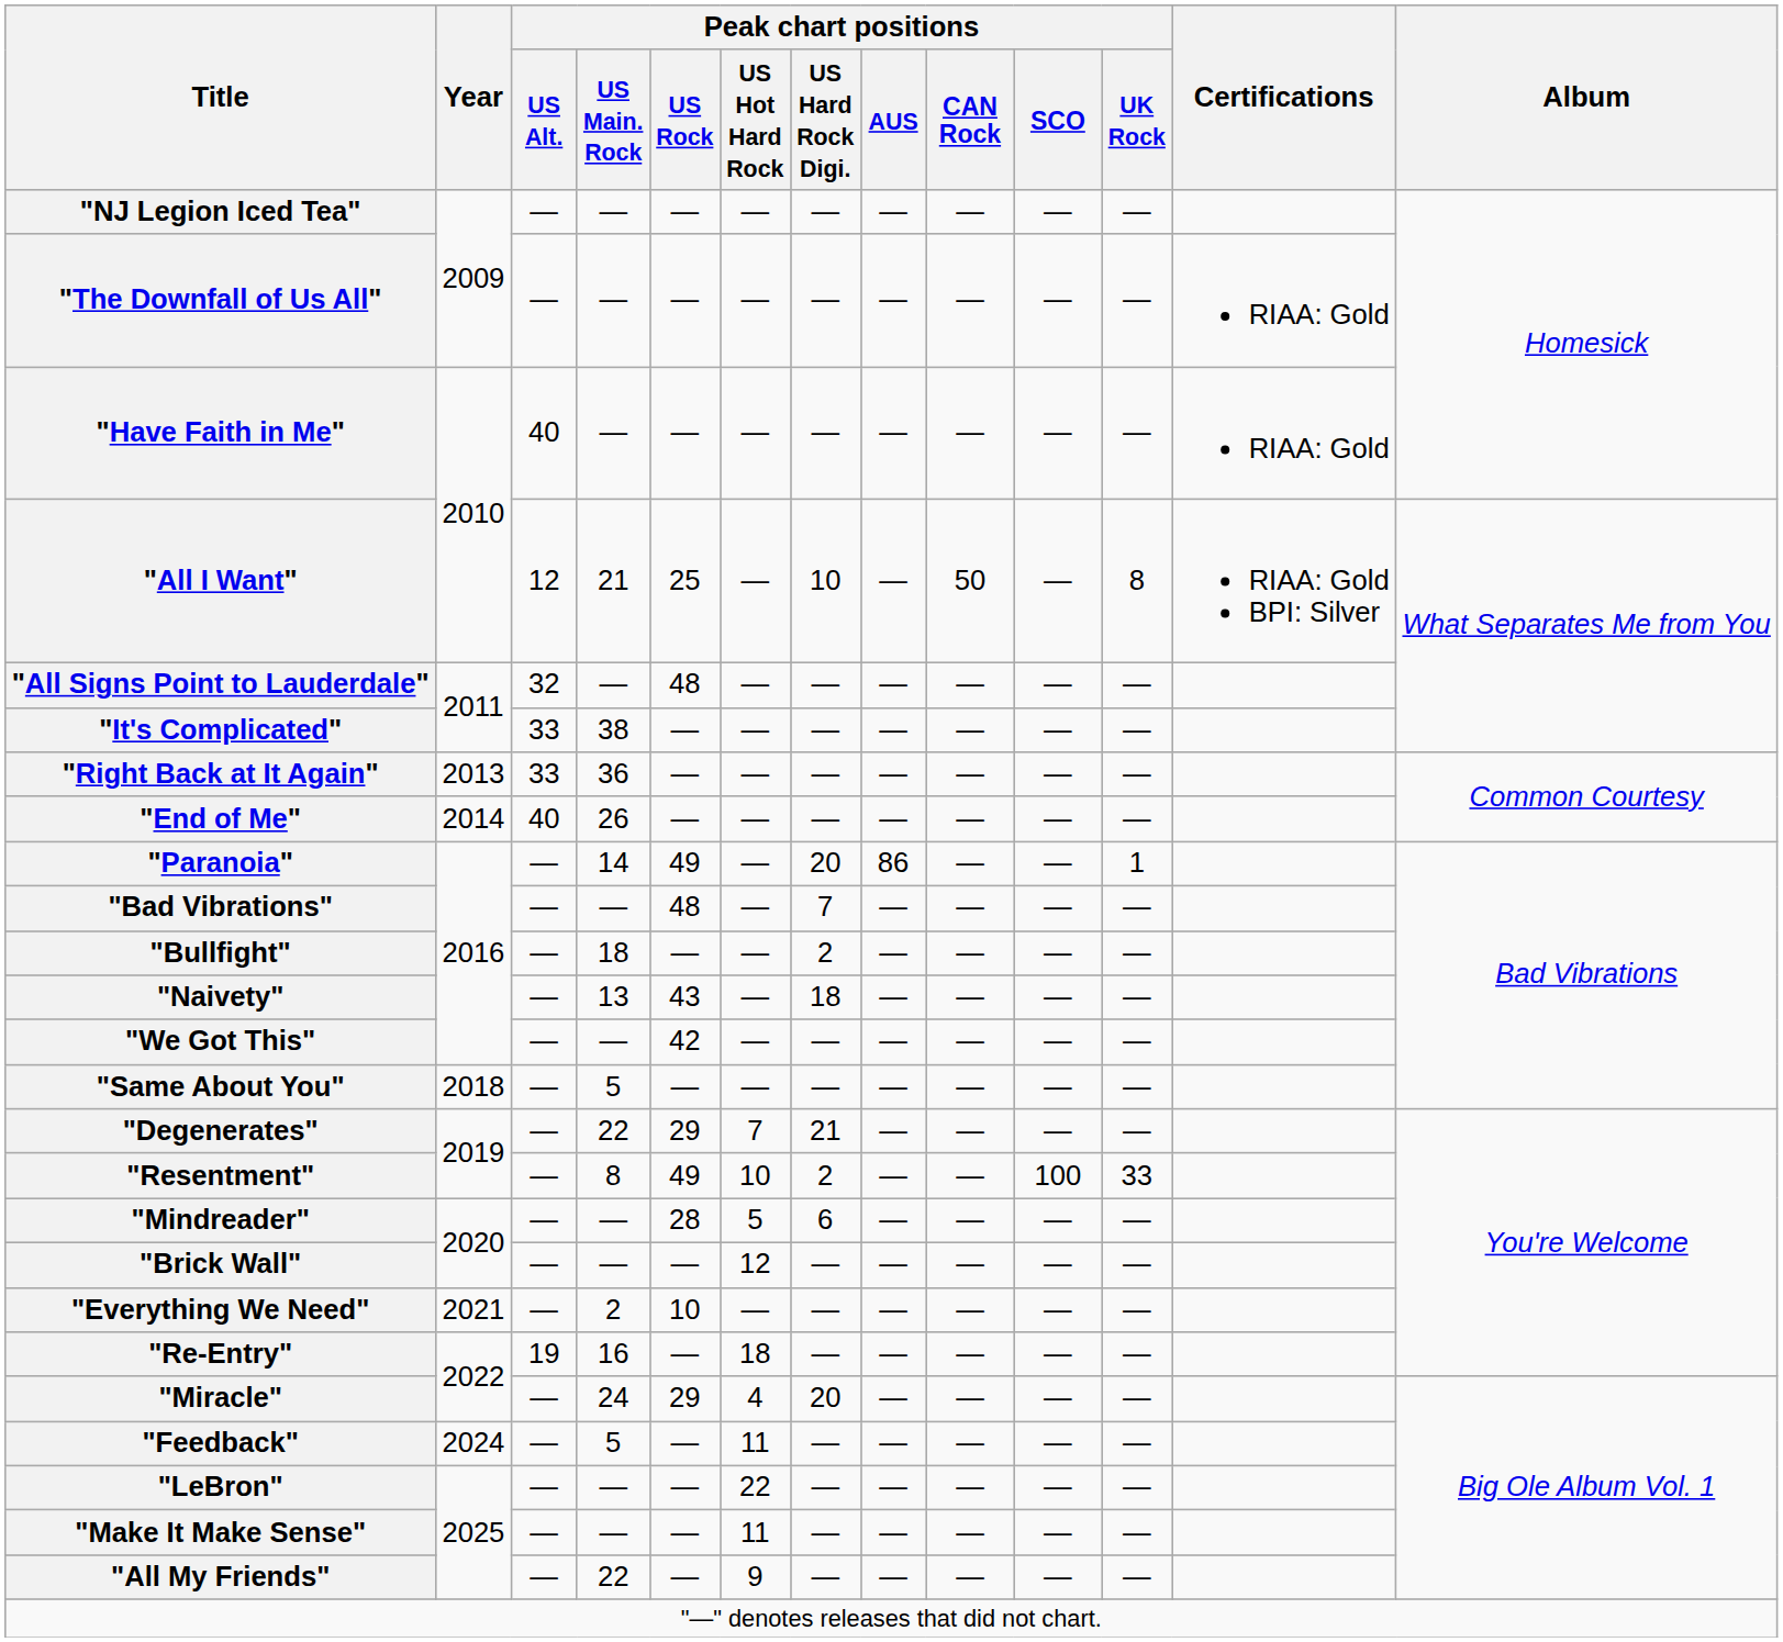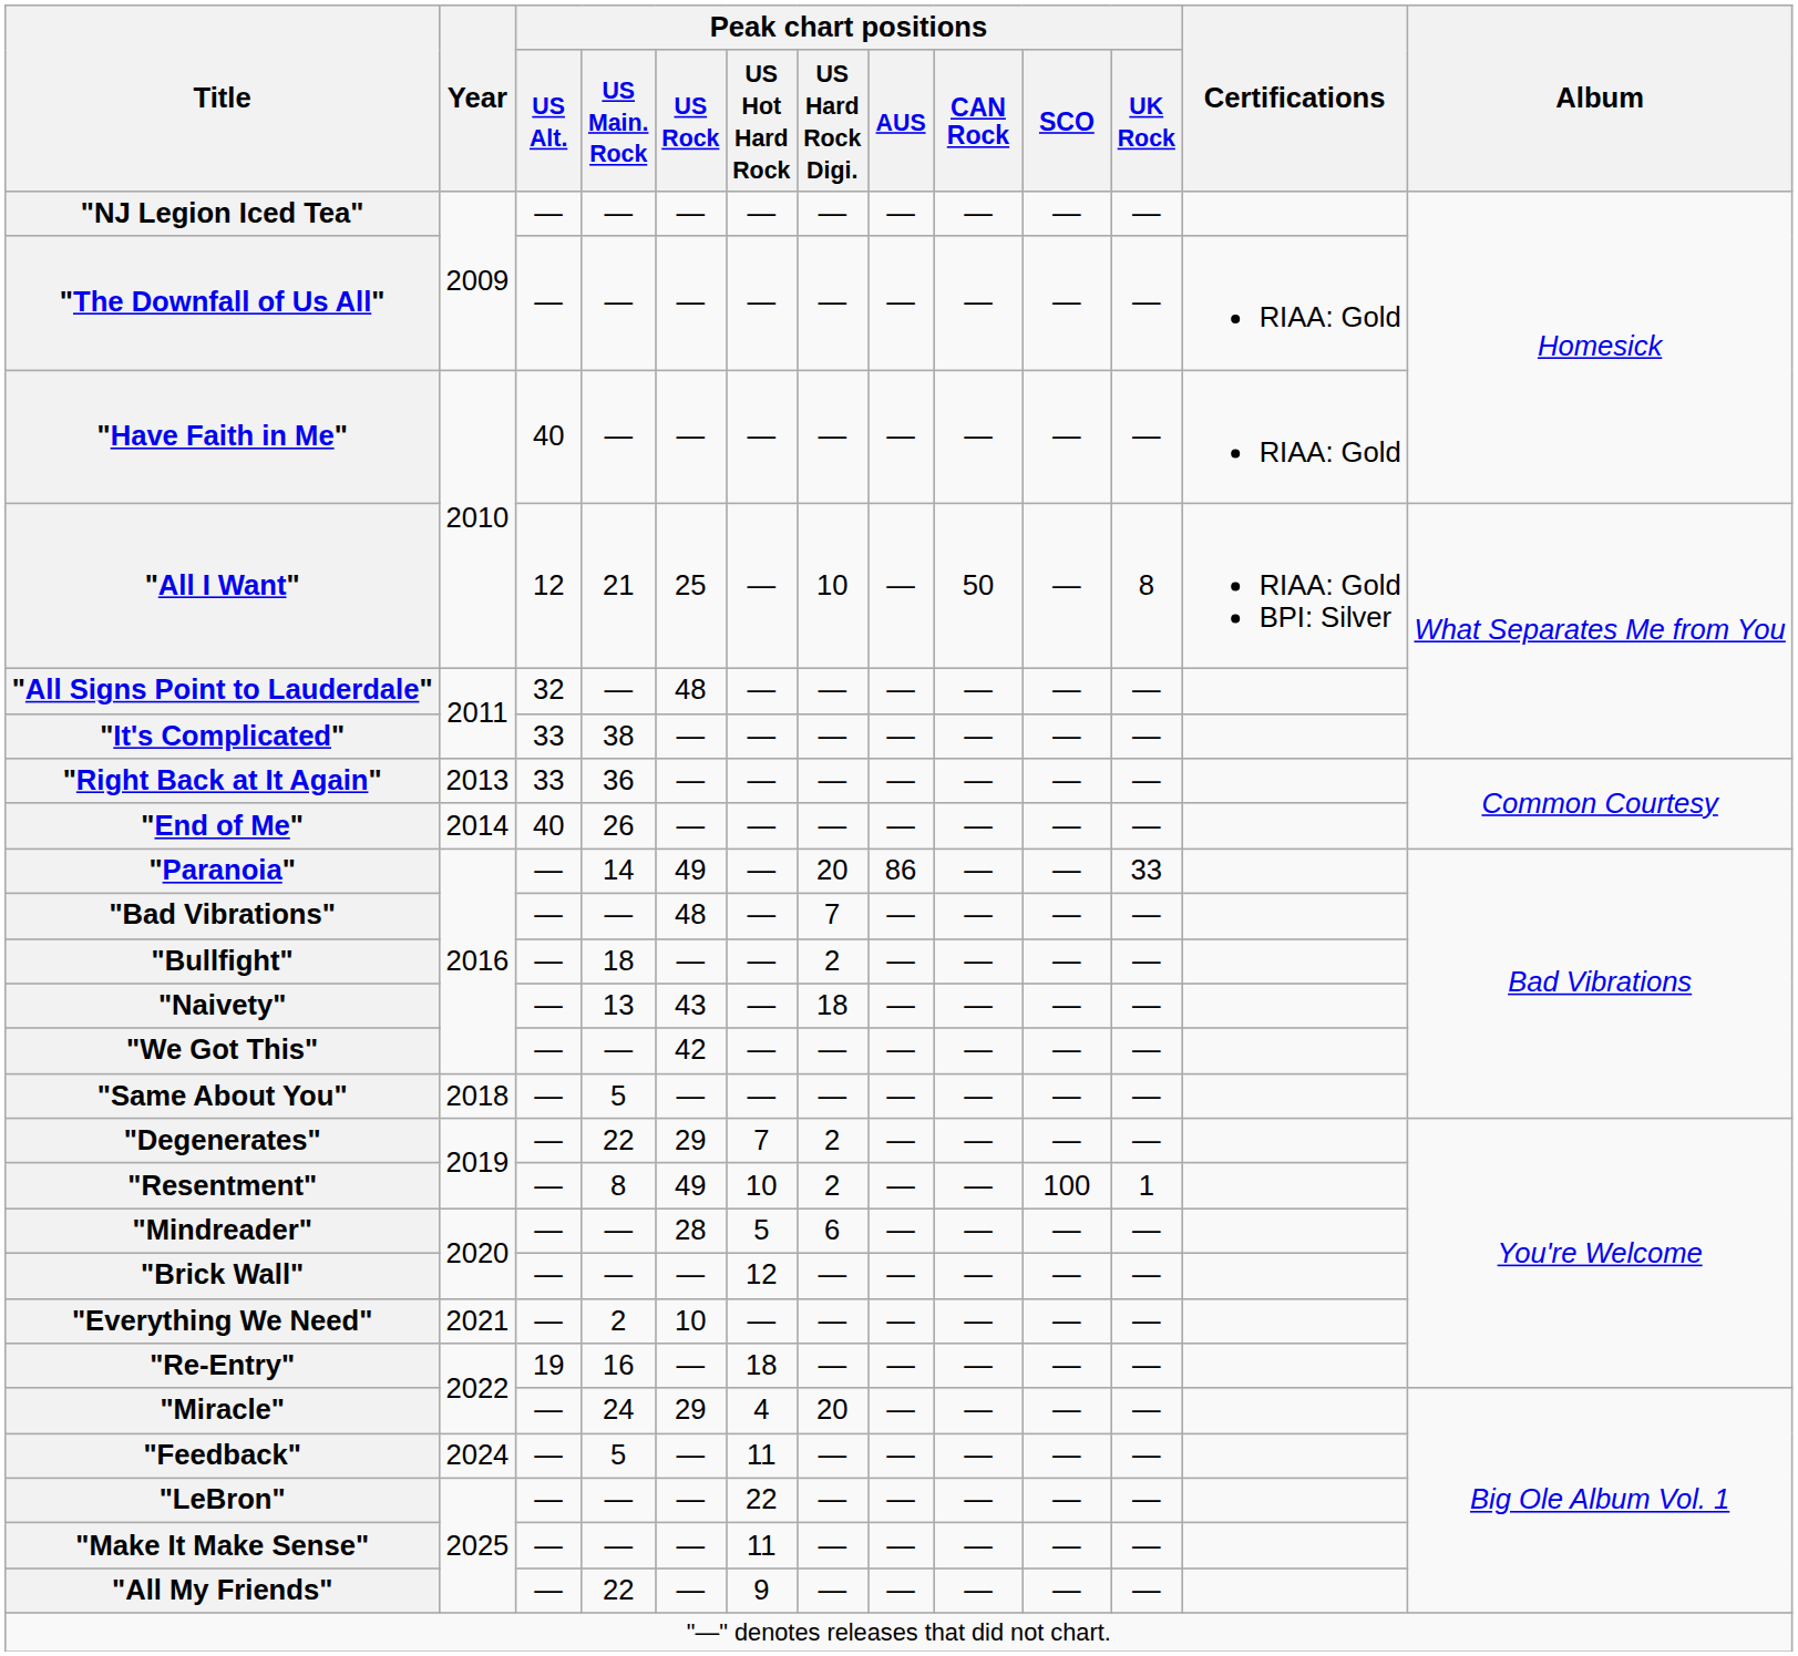 <table class="wikitable plainrowheaders" style="text-align:center;">
 <tr>
 <th scope=col rowspan="2">Title</th>
 <th scope=col rowspan="2">Year</th>
 <th scope=col colspan="9">Peak chart positions</th>
 <th scope=col rowspan="2">Certifications</th>
 <th scope=col rowspan="2">Album</th>
 </tr>
 <tr>
 <th style="width:30px;"><small><a href='#'>US Alt.</a><br></small></th>
 <th style="width:30px;"><small><a href='#'>US Main.<br>Rock</a><br></small></th>
 <th style="width:30px;"><small><a href='#'>US Rock</a><br></small></th>
 <th style="width:30px;"><small>US Hot Hard Rock</small></th>
 <th style="width:30px;"><small>US Hard Rock Digi.</small></th>
 <th style="width:30px;"><small><a href='#'>AUS</a><br></small></th>
 <th scope="col" style="width:3em;font-size:90%;"><a href='#'>CAN<br>Rock</a><br></th>
 <th scope="col" style="width:3em;font-size:90%;"><a href='#'>SCO</a><br></th>
 <th style="width:30px;"><small><a href='#'>UK Rock</a><br></small></th>
 </tr>
 <tr>
 <th scope="row">"NJ Legion Iced Tea"</th>
 <td rowspan="2">2009</td>
 <td>—</td>
 <td>—</td>
 <td>—</td>
 <td>—</td>
 <td>—</td>
 <td>—</td>
 <td>—</td>
 <td>—</td>
 <td>—</td>
 <td style="text-align:left;"></td>
 <td rowspan="3" style="text-align:center;"><em><a href='#'>Homesick</a></em></td>
 </tr>
 <tr>
 <th scope="row">"<a href='#'>The Downfall of Us All</a>"</th>
 <td>—</td>
 <td>—</td>
 <td>—</td>
 <td>—</td>
 <td>—</td>
 <td>—</td>
 <td>—</td>
 <td>—</td>
 <td>—</td>
 <td style="text-align:left;"><br><ul><li>RIAA: Gold</li></ul></td>
 </tr>
 <tr>
 <th scope="row">"<a href='#'>Have Faith in Me</a>"</th>
 <td rowspan="2">2010</td>
 <td>40</td>
 <td>—</td>
 <td>—</td>
 <td>—</td>
 <td>—</td>
 <td>—</td>
 <td>—</td>
 <td>—</td>
 <td>—</td>
 <td style="text-align:left;"><br><ul><li>RIAA: Gold</li></ul></td>
 </tr>
 <tr>
 <th scope="row">"<a href='#'>All I Want</a>"</th>
 <td>12</td>
 <td>21</td>
 <td>25</td>
 <td>—</td>
 <td>10</td>
 <td>—</td>
 <td>50</td>
 <td>—</td>
 <td>8</td>
 <td style="text-align:left;"><br><ul><li>RIAA: Gold</li><li>BPI: Silver</li></ul></td>
 <td rowspan="3" style="text-align:center;"><em><a href='#'>What Separates Me from You</a></em></td>
 </tr>
 <tr>
 <th scope="row">"<a href='#'>All Signs Point to Lauderdale</a>"</th>
 <td rowspan="2">2011</td>
 <td>32</td>
 <td>—</td>
 <td>48</td>
 <td>—</td>
 <td>—</td>
 <td>—</td>
 <td>—</td>
 <td>—</td>
 <td>—</td>
 <td style="text-align:left;"></td>
 </tr>
 <tr>
 <th scope="row">"<a href='#'>It's Complicated</a>"</th>
 <td>33</td>
 <td>38</td>
 <td>—</td>
 <td>—</td>
 <td>—</td>
 <td>—</td>
 <td>—</td>
 <td>—</td>
 <td>—</td>
 <td style="text-align:left;"></td>
 </tr>
 <tr>
 <th scope="row">"<a href='#'>Right Back at It Again</a>"</th>
 <td>2013</td>
 <td>33</td>
 <td>36</td>
 <td>—</td>
 <td>—</td>
 <td>—</td>
 <td>—</td>
 <td>—</td>
 <td>—</td>
 <td>—</td>
 <td style="text-align:left;"></td>
 <td rowspan="2" style="text-align:center;"><em><a href='#'>Common Courtesy</a></em></td>
 </tr>
 <tr>
 <th scope="row">"<a href='#'>End of Me</a>"</th>
 <td>2014</td>
 <td>40</td>
 <td>26</td>
 <td>—</td>
 <td>—</td>
 <td>—</td>
 <td>—</td>
 <td>—</td>
 <td>—</td>
 <td>—</td>
 <td style="text-align:left;"></td>
 </tr>
 <tr>
 <th scope="row">"<a href='#'>Paranoia</a>"</th>
 <td rowspan="5">2016</td>
 <td>—</td>
 <td>14</td>
 <td>49</td>
 <td>—</td>
 <td>20</td>
 <td>86</td>
 <td>—</td>
 <td>—</td>
-<td>1</td>
+<td>33</td>
 <td style="text-align:left;"></td>
 <td rowspan="6" style="text-align:center;"><em><a href='#'>Bad Vibrations</a></em></td>
 </tr>
 <tr>
 <th scope="row">"Bad Vibrations"</th>
 <td>—</td>
 <td>—</td>
 <td>48</td>
 <td>—</td>
 <td>7</td>
 <td>—</td>
 <td>—</td>
 <td>—</td>
 <td>—</td>
 <td style="text-align:left;"></td>
 </tr>
 <tr>
 <th scope="row">"Bullfight"</th>
 <td>—</td>
 <td>18</td>
 <td>—</td>
 <td>—</td>
 <td>2</td>
 <td>—</td>
 <td>—</td>
 <td>—</td>
 <td>—</td>
 <td style="text-align:left;"></td>
 </tr>
 <tr>
 <th scope="row">"Naivety"</th>
 <td>—</td>
 <td>13</td>
 <td>43</td>
 <td>—</td>
 <td>18</td>
 <td>—</td>
 <td>—</td>
 <td>—</td>
 <td>—</td>
 <td style="text-align:left;"></td>
 </tr>
 <tr>
 <th scope="row">"We Got This"</th>
 <td>—</td>
 <td>—</td>
 <td>42</td>
 <td>—</td>
 <td>—</td>
 <td>—</td>
 <td>—</td>
 <td>—</td>
 <td>—</td>
 <td style="text-align:left;"></td>
 </tr>
 <tr>
 <th scope="row">"Same About You"</th>
 <td>2018</td>
 <td>—</td>
 <td>5</td>
 <td>—</td>
 <td>—</td>
 <td>—</td>
 <td>—</td>
 <td>—</td>
 <td>—</td>
 <td>—</td>
 <td style="text-align:left;"></td>
 </tr>
 <tr>
 <th scope="row">"Degenerates"</th>
 <td rowspan="2">2019</td>
 <td>—</td>
 <td>22</td>
 <td>29</td>
 <td>7</td>
-<td>21</td>
+<td>2</td>
 <td>—</td>
 <td>—</td>
 <td>—</td>
 <td>—</td>
 <td style="text-align:left;"></td>
 <td rowspan="6" style="text-align:center;"><em><a href='#'>You're Welcome</a></em></td>
 </tr>
 <tr>
 <th scope="row">"Resentment"</th>
 <td>—</td>
 <td>8</td>
 <td>49</td>
 <td>10</td>
 <td>2</td>
 <td>—</td>
 <td>—</td>
 <td>100</td>
-<td>33</td>
+<td>1</td>
 <td style="text-align:left;"></td>
 </tr>
 <tr>
 <th scope="row">"Mindreader"</th>
 <td rowspan="2">2020</td>
 <td>—</td>
 <td>—</td>
 <td>28</td>
 <td>5</td>
 <td>6</td>
 <td>—</td>
 <td>—</td>
 <td>—</td>
 <td>—</td>
 <td style="text-align:left;"></td>
 </tr>
 <tr>
 <th scope="row">"Brick Wall"</th>
 <td>—</td>
 <td>—</td>
 <td>—</td>
 <td>12</td>
 <td>—</td>
 <td>—</td>
 <td>—</td>
 <td>—</td>
 <td>—</td>
 <td style="text-align:left;"></td>
 </tr>
 <tr>
 <th scope="row">"Everything We Need"</th>
 <td>2021</td>
 <td>—</td>
 <td>2</td>
 <td>10</td>
 <td>—</td>
 <td>—</td>
 <td>—</td>
 <td>—</td>
 <td>—</td>
 <td>—</td>
 <td style="text-align:left;"></td>
 </tr>
 <tr>
 <th scope="row">"Re-Entry"<br></th>
 <td rowspan="2">2022</td>
 <td>19</td>
 <td>16</td>
 <td>—</td>
 <td>18</td>
 <td>—</td>
 <td>—</td>
 <td>—</td>
 <td>—</td>
 <td>—</td>
 <td style="text-align:left;"></td>
 </tr>
 <tr>
 <th scope="row">"Miracle"</th>
 <td>—</td>
 <td>24</td>
 <td>29</td>
 <td>4</td>
 <td>20</td>
 <td>—</td>
 <td>—</td>
 <td>—</td>
 <td>—</td>
 <td style="text-align:left;"></td>
 <td rowspan="5" style="text-align:center;"><em><a href='#'>Big Ole Album Vol. 1</a></em></td>
 </tr>
 <tr>
 <th scope="row">"Feedback"</th>
 <td>2024</td>
 <td>—</td>
 <td>5</td>
 <td>—</td>
 <td>11</td>
 <td>—</td>
 <td>—</td>
 <td>—</td>
 <td>—</td>
 <td>—</td>
 <td style="text-align:left;"></td>
 </tr>
 <tr>
 <th scope="row">"LeBron"</th>
 <td rowspan="3">2025</td>
 <td>—</td>
 <td>—</td>
 <td>—</td>
 <td>22</td>
 <td>—</td>
 <td>—</td>
 <td>—</td>
 <td>—</td>
 <td>—</td>
 <td style="text-align:left;"></td>
 </tr>
 <tr>
 <th scope="row">"Make It Make Sense"</th>
 <td>—</td>
 <td>—</td>
 <td>—</td>
 <td>11</td>
 <td>—</td>
 <td>—</td>
 <td>—</td>
 <td>—</td>
 <td>—</td>
 <td style="text-align:left;"></td>
 </tr>
 <tr>
 <th scope="row">"All My Friends"</th>
 <td>—</td>
 <td>22</td>
 <td>—</td>
 <td>9</td>
 <td>—</td>
 <td>—</td>
 <td>—</td>
 <td>—</td>
 <td>—</td>
 <td style="text-align:left;"></td>
 </tr>
 <tr>
 <td colspan="13" style="text-align:center; font-size:85%;">"—" denotes releases that did not chart.</td>
 </tr>
 </table>
